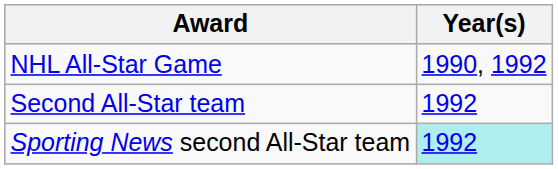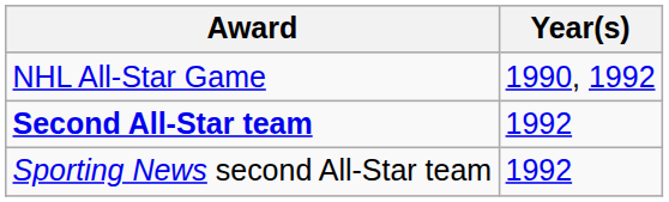 <table class="wikitable">
 <tr>
 <th>Award</th>
 <th>Year(s)</th>
 </tr>
 <tr>
 <td><a href='#'>NHL All-Star Game</a></td>
 <td><a href='#'>1990</a>, <a href='#'>1992</a></td>
 </tr>
 <tr>
-<td><a href='#'>Second All-Star team</a></td>
+<td><strong><a href='#'>Second All-Star team</a></strong></td>
 <td><a href='#'>1992</a></td>
 </tr>
 <tr>
 <td><em><a href='#'>Sporting News</a></em> second All-Star team</td>
-<td style="background: paleturquoise;"><a href='#'>1992</a></td>
+<td><a href='#'>1992</a></td>
 </tr>
 </table>
